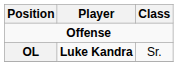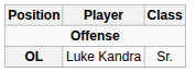 <table class="wikitable">
 <tr>
 <th>Position</th>
 <th>Player</th>
 <th>Class</th>
 </tr>
 <tr>
 <td colspan="3" style="text-align:center; "><strong>Offense</strong></td>
 </tr>
 <tr style="text-align:center;">
 <th rowspan="1">OL</th>
-<td><strong>Luke Kandra</strong></td>
+<td>Luke Kandra</td>
 <td>Sr.</td>
 </tr>
 <tr>
 </tr>
 </table>
